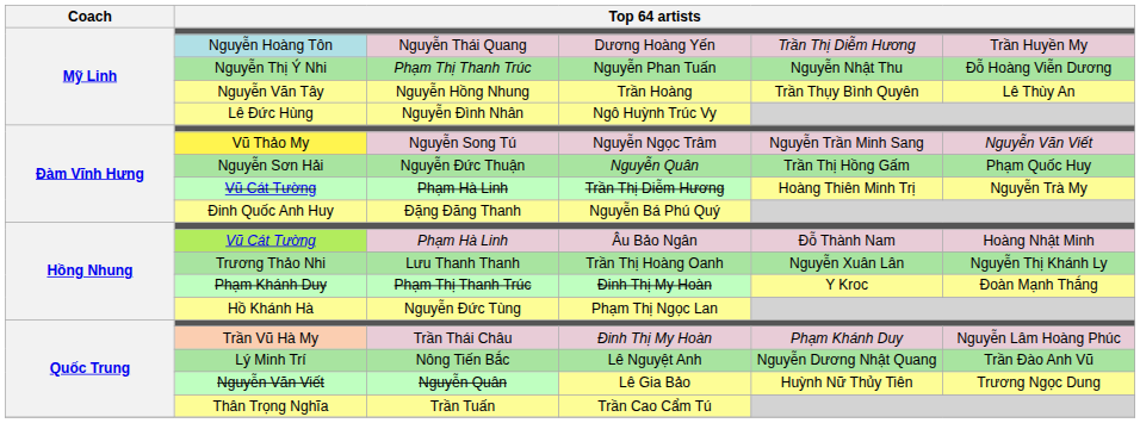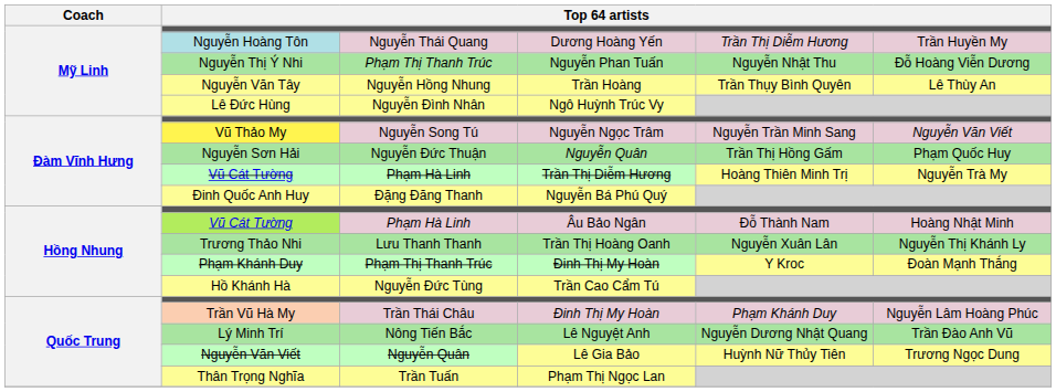 <table class="wikitable" style="text-align:center; width:100%;">
 <tr>
 <th width="15%">Coach</th>
 <th width="85%" colspan="5">Top 64 artists</th>
 </tr>
 <tr>
 <th rowspan="5"><a href='#'>Mỹ Linh</a></th>
 <td colspan="5" style="background:#555555;"></td>
 </tr>
 <tr>
 <td width="17%" style="background:#B0E0E6">Nguyễn Hoàng Tôn</td>
 <td width="17%" style="background:#E8CCD7">Nguyễn Thái Quang</td>
 <td width="17%" style="background:#E8CCD7">Dương Hoàng Yến</td>
 <td width="17%" style="background:#E8CCD7"><em>Trần Thị Diễm Hương</em></td>
 <td width="17%" style="background:#E8CCD7">Trần Huyền My</td>
 </tr>
 <tr>
 <td width="17%" style="background:#A8E4A0">Nguyễn Thị Ý Nhi</td>
 <td width="17%" style="background:#A8E4A0"><em>Phạm Thị Thanh Trúc</em></td>
 <td width="17%" style="background:#A8E4A0">Nguyễn Phan Tuấn</td>
 <td width="17%" style="background:#A8E4A0">Nguyễn Nhật Thu</td>
 <td width="17%" style="background:#A8E4A0">Đỗ Hoàng Viễn Dương</td>
 </tr>
 <tr>
 <td width="17%" style="background:#FDFD96">Nguyễn Văn Tây</td>
 <td width="17%" style="background:#FDFD96">Nguyễn Hồng Nhung</td>
 <td width="17%" style="background:#FDFD96">Trần Hoàng</td>
 <td width="17%" style="background:#FDFD96">Trần Thụy Bình Quyên</td>
 <td width="17%" style="background:#FDFD96">Lê Thùy An</td>
 </tr>
 <tr>
 <td width="17%" style="background:#FDFD96">Lê Đức Hùng</td>
 <td width="17%" style="background:#FDFD96">Nguyễn Đình Nhân</td>
 <td width="17%" style="background:#FDFD96">Ngô Huỳnh Trúc Vy</td>
 <td colspan="2" style="background:lightgrey;"></td>
 </tr>
 <tr>
 <th rowspan="5"><a href='#'>Đàm Vĩnh Hưng</a></th>
 <td colspan="5" style="background:#555555;"></td>
 </tr>
 <tr>
 <td style="background:#FFF44F">Vũ Thảo My</td>
 <td style="background:#E8CCD7">Nguyễn Song Tú</td>
 <td style="background:#E8CCD7">Nguyễn Ngọc Trâm</td>
 <td style="background:#E8CCD7">Nguyễn Trần Minh Sang</td>
 <td style="background:#E8CCD7"><em>Nguyễn Văn Viết</em></td>
 </tr>
 <tr>
 <td style="background:#A8E4A0">Nguyễn Sơn Hải</td>
 <td style="background:#A8E4A0">Nguyễn Đức Thuận</td>
 <td style="background:#A8E4A0"><em>Nguyễn Quân</em></td>
 <td style="background:#A8E4A0">Trần Thị Hồng Gấm</td>
 <td style="background:#A8E4A0">Phạm Quốc Huy</td>
 </tr>
 <tr>
 <td style="background:#BFFFC0"><s><a href='#'>Vũ Cát Tường</a></s></td>
 <td style="background:#BFFFC0"><s>Phạm Hà Linh</s></td>
 <td style="background:#BFFFC0"><s>Trần Thị Diễm Hương</s></td>
 <td style="background:#FDFD96">Hoàng Thiên Minh Trị</td>
 <td style="background:#FDFD96">Nguyễn Trà My</td>
 </tr>
 <tr>
 <td style="background:#FDFD96">Đinh Quốc Anh Huy</td>
 <td style="background:#FDFD96">Đặng Đăng Thanh</td>
 <td style="background:#FDFD96">Nguyễn Bá Phú Quý</td>
 <td colspan="2" style="background:lightgrey;"></td>
 </tr>
 <tr>
 <th rowspan="5"><a href='#'>Hồng Nhung</a></th>
 <td colspan="5" style="background:#555555;"></td>
 </tr>
 <tr>
 <td style="background:#B2EC5D"><em><a href='#'>Vũ Cát Tường</a></em></td>
 <td style="background:#E8CCD7"><em>Phạm Hà Linh</em></td>
 <td style="background:#E8CCD7">Âu Bảo Ngân</td>
 <td style="background:#E8CCD7">Đỗ Thành Nam</td>
 <td style="background:#E8CCD7">Hoàng Nhật Minh</td>
 </tr>
 <tr>
 <td style="background:#A8E4A0">Trương Thảo Nhi</td>
 <td style="background:#A8E4A0">Lưu Thanh Thanh</td>
 <td style="background:#A8E4A0">Trần Thị Hoàng Oanh</td>
 <td style="background:#A8E4A0">Nguyễn Xuân Lân</td>
 <td style="background:#A8E4A0">Nguyễn Thị Khánh Ly</td>
 </tr>
 <tr>
 <td style="background:#BFFFC0"><s>Phạm Khánh Duy</s></td>
 <td style="background:#BFFFC0"><s>Phạm Thị Thanh Trúc</s></td>
 <td style="background:#BFFFC0"><s>Đinh Thị My Hoàn</s></td>
 <td style="background:#FDFD96">Y Kroc</td>
 <td style="background:#FDFD96">Đoàn Mạnh Thắng</td>
 </tr>
 <tr>
 <td style="background:#FDFD96">Hồ Khánh Hà</td>
 <td style="background:#FDFD96">Nguyễn Đức Tùng</td>
-<td style="background:#FDFD96">Phạm Thị Ngọc Lan</td>
+<td style="background:#FDFD96">Trần Cao Cẩm Tú</td>
 <td colspan="2" style="background:lightgrey;"></td>
 </tr>
 <tr>
 <th rowspan="5"><a href='#'>Quốc Trung</a></th>
 <td colspan="5" style="background:#555555;"></td>
 </tr>
 <tr>
 <td style="background:#FBCEB1">Trần Vũ Hà My</td>
 <td style="background:#E8CCD7">Trần Thái Châu</td>
 <td style="background:#E8CCD7"><em>Đinh Thị My Hoàn</em></td>
 <td style="background:#E8CCD7"><em>Phạm Khánh Duy</em></td>
 <td style="background:#E8CCD7">Nguyễn Lâm Hoàng Phúc</td>
 </tr>
 <tr>
 <td style="background:#A8E4A0">Lý Minh Trí</td>
 <td style="background:#A8E4A0">Nông Tiến Bắc</td>
 <td style="background:#A8E4A0">Lê Nguyệt Anh</td>
 <td style="background:#A8E4A0">Nguyễn Dương Nhật Quang</td>
 <td style="background:#A8E4A0">Trần Đào Anh Vũ</td>
 </tr>
 <tr>
 <td style="background:#BFFFC0"><s>Nguyễn Văn Viết</s></td>
 <td style="background:#BFFFC0"><s>Nguyễn Quân</s></td>
 <td style="background:#FDFD96">Lê Gia Bảo</td>
 <td style="background:#FDFD96">Huỳnh Nữ Thủy Tiên</td>
 <td style="background:#FDFD96">Trương Ngọc Dung</td>
 </tr>
 <tr>
 <td style="background:#FDFD96">Thân Trọng Nghĩa</td>
 <td style="background:#FDFD96">Trần Tuấn</td>
-<td style="background:#FDFD96">Trần Cao Cẩm Tú</td>
+<td style="background:#FDFD96">Phạm Thị Ngọc Lan</td>
 <td colspan="2" style="background:lightgrey;"></td>
 </tr>
 <tr>
 </tr>
 </table>
